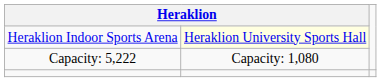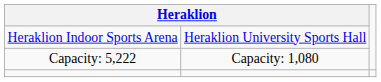 <table class="wikitable" style="text-align:center;">
 <tr>
 <th colspan=2><a href='#'>Heraklion</a></th>
 <td rowspan="3"><br></td>
 </tr>
 <tr>
 <td><a href='#'>Heraklion Indoor Sports Arena</a></td>
-<td style="background: lightyellow;"><a href='#'>Heraklion University Sports Hall</a></td>
+<td><a href='#'>Heraklion University Sports Hall</a></td>
 </tr>
 <tr>
 <td>Capacity: 5,222</td>
 <td>Capacity: 1,080</td>
 </tr>
 <tr>
 <td></td>
 <td></td>
 </tr>
 </table>
